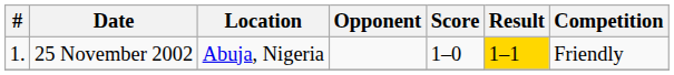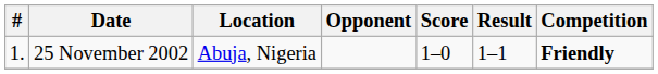 <table class="wikitable">
 <tr>
 <th>#</th>
 <th>Date</th>
 <th>Location</th>
 <th>Opponent</th>
 <th>Score</th>
 <th>Result</th>
 <th>Competition</th>
 </tr>
 <tr>
 <td>1.</td>
 <td>25 November 2002</td>
 <td><a href='#'>Abuja</a>, Nigeria</td>
 <td></td>
 <td>1–0</td>
-<td style="background: gold;">1–1</td>
-<td>Friendly</td>
+<td>1–1</td>
+<td><strong>Friendly</strong></td>
 </tr>
 <tr>
 </tr>
 </table>
